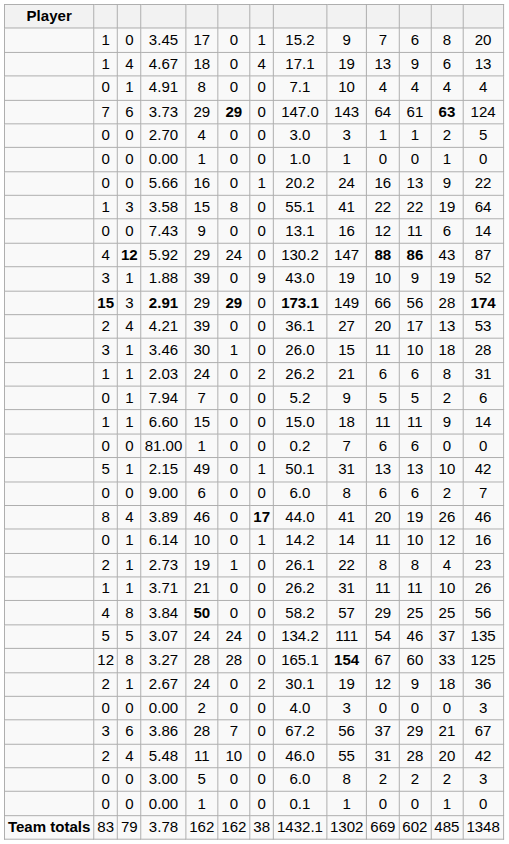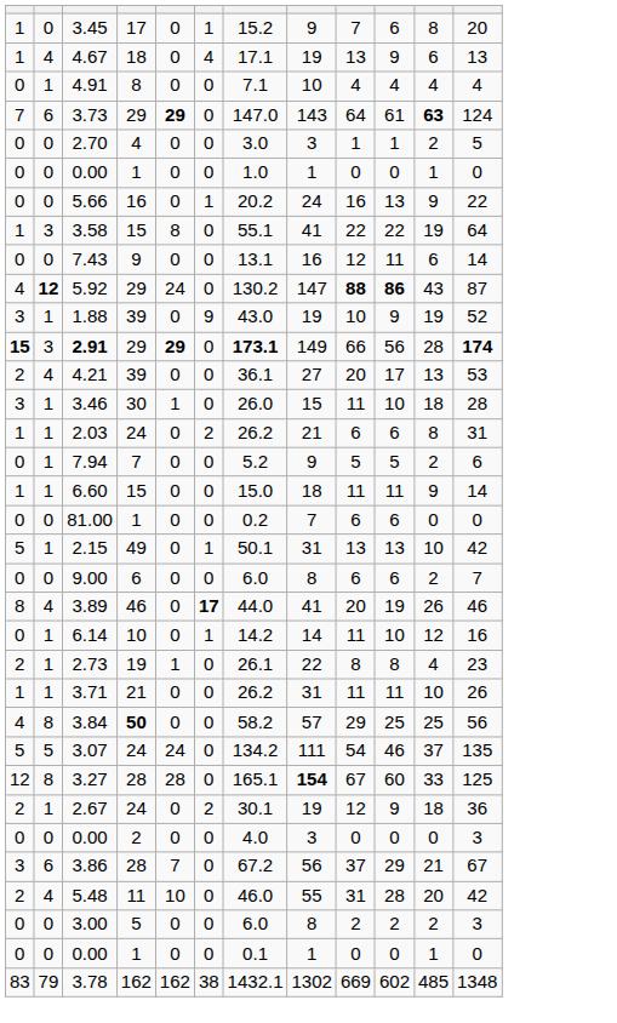 <table class="wikitable sortable" style="text-align:center;">
 <tr>
-<th>Player</th>
 <th></th>
 <th></th>
 <th></th>
 <th></th>
 <th></th>
 <th></th>
 <th></th>
 <th></th>
 <th></th>
 <th></th>
 <th></th>
 <th></th>
 </tr>
 <tr>
-<td align=left></td>
 <td>1</td>
 <td>0</td>
 <td>3.45</td>
 <td>17</td>
 <td>0</td>
 <td>1</td>
 <td>15.2</td>
 <td>9</td>
 <td>7</td>
 <td>6</td>
 <td>8</td>
 <td>20</td>
 </tr>
 <tr>
-<td align=left></td>
 <td>1</td>
 <td>4</td>
 <td>4.67</td>
 <td>18</td>
 <td>0</td>
 <td>4</td>
 <td>17.1</td>
 <td>19</td>
 <td>13</td>
 <td>9</td>
 <td>6</td>
 <td>13</td>
 </tr>
 <tr>
-<td align=left></td>
 <td>0</td>
 <td>1</td>
 <td>4.91</td>
 <td>8</td>
 <td>0</td>
 <td>0</td>
 <td>7.1</td>
 <td>10</td>
 <td>4</td>
 <td>4</td>
 <td>4</td>
 <td>4</td>
 </tr>
 <tr>
-<td align=left></td>
 <td>7</td>
 <td>6</td>
 <td>3.73</td>
 <td>29</td>
 <td><strong>29</strong></td>
 <td>0</td>
 <td>147.0</td>
 <td>143</td>
 <td>64</td>
 <td>61</td>
 <td><strong>63</strong></td>
 <td>124</td>
 </tr>
 <tr>
-<td align=left></td>
 <td>0</td>
 <td>0</td>
 <td>2.70</td>
 <td>4</td>
 <td>0</td>
 <td>0</td>
 <td>3.0</td>
 <td>3</td>
 <td>1</td>
 <td>1</td>
 <td>2</td>
 <td>5</td>
 </tr>
 <tr>
-<td align=left></td>
 <td>0</td>
 <td>0</td>
 <td>0.00</td>
 <td>1</td>
 <td>0</td>
 <td>0</td>
 <td>1.0</td>
 <td>1</td>
 <td>0</td>
 <td>0</td>
 <td>1</td>
 <td>0</td>
 </tr>
 <tr>
-<td align=left></td>
 <td>0</td>
 <td>0</td>
 <td>5.66</td>
 <td>16</td>
 <td>0</td>
 <td>1</td>
 <td>20.2</td>
 <td>24</td>
 <td>16</td>
 <td>13</td>
 <td>9</td>
 <td>22</td>
 </tr>
 <tr>
-<td align=left></td>
 <td>1</td>
 <td>3</td>
 <td>3.58</td>
 <td>15</td>
 <td>8</td>
 <td>0</td>
 <td>55.1</td>
 <td>41</td>
 <td>22</td>
 <td>22</td>
 <td>19</td>
 <td>64</td>
 </tr>
 <tr>
-<td align=left></td>
 <td>0</td>
 <td>0</td>
 <td>7.43</td>
 <td>9</td>
 <td>0</td>
 <td>0</td>
 <td>13.1</td>
 <td>16</td>
 <td>12</td>
 <td>11</td>
 <td>6</td>
 <td>14</td>
 </tr>
 <tr>
-<td align=left></td>
 <td>4</td>
 <td><strong>12</strong></td>
 <td>5.92</td>
 <td>29</td>
 <td>24</td>
 <td>0</td>
 <td>130.2</td>
 <td>147</td>
 <td><strong>88</strong></td>
 <td><strong>86</strong></td>
 <td>43</td>
 <td>87</td>
 </tr>
 <tr>
-<td align=left></td>
 <td>3</td>
 <td>1</td>
 <td>1.88</td>
 <td>39</td>
 <td>0</td>
 <td>9</td>
 <td>43.0</td>
 <td>19</td>
 <td>10</td>
 <td>9</td>
 <td>19</td>
 <td>52</td>
 </tr>
 <tr>
-<td align=left></td>
 <td><strong>15</strong></td>
 <td>3</td>
 <td><strong>2.91</strong></td>
 <td>29</td>
 <td><strong>29</strong></td>
 <td>0</td>
 <td><strong>173.1</strong></td>
 <td>149</td>
 <td>66</td>
 <td>56</td>
 <td>28</td>
 <td><strong>174</strong></td>
 </tr>
 <tr>
-<td align=left></td>
 <td>2</td>
 <td>4</td>
 <td>4.21</td>
 <td>39</td>
 <td>0</td>
 <td>0</td>
 <td>36.1</td>
 <td>27</td>
 <td>20</td>
 <td>17</td>
 <td>13</td>
 <td>53</td>
 </tr>
 <tr>
-<td align=left></td>
 <td>3</td>
 <td>1</td>
 <td>3.46</td>
 <td>30</td>
 <td>1</td>
 <td>0</td>
 <td>26.0</td>
 <td>15</td>
 <td>11</td>
 <td>10</td>
 <td>18</td>
 <td>28</td>
 </tr>
 <tr>
-<td align=left></td>
 <td>1</td>
 <td>1</td>
 <td>2.03</td>
 <td>24</td>
 <td>0</td>
 <td>2</td>
 <td>26.2</td>
 <td>21</td>
 <td>6</td>
 <td>6</td>
 <td>8</td>
 <td>31</td>
 </tr>
 <tr>
-<td align=left></td>
 <td>0</td>
 <td>1</td>
 <td>7.94</td>
 <td>7</td>
 <td>0</td>
 <td>0</td>
 <td>5.2</td>
 <td>9</td>
 <td>5</td>
 <td>5</td>
 <td>2</td>
 <td>6</td>
 </tr>
 <tr>
-<td align=left></td>
 <td>1</td>
 <td>1</td>
 <td>6.60</td>
 <td>15</td>
 <td>0</td>
 <td>0</td>
 <td>15.0</td>
 <td>18</td>
 <td>11</td>
 <td>11</td>
 <td>9</td>
 <td>14</td>
 </tr>
 <tr>
-<td align=left></td>
 <td>0</td>
 <td>0</td>
 <td>81.00</td>
 <td>1</td>
 <td>0</td>
 <td>0</td>
 <td>0.2</td>
 <td>7</td>
 <td>6</td>
 <td>6</td>
 <td>0</td>
 <td>0</td>
 </tr>
 <tr>
-<td align=left></td>
 <td>5</td>
 <td>1</td>
 <td>2.15</td>
 <td>49</td>
 <td>0</td>
 <td>1</td>
 <td>50.1</td>
 <td>31</td>
 <td>13</td>
 <td>13</td>
 <td>10</td>
 <td>42</td>
 </tr>
 <tr>
-<td align=left></td>
 <td>0</td>
 <td>0</td>
 <td>9.00</td>
 <td>6</td>
 <td>0</td>
 <td>0</td>
 <td>6.0</td>
 <td>8</td>
 <td>6</td>
 <td>6</td>
 <td>2</td>
 <td>7</td>
 </tr>
 <tr>
-<td align=left></td>
 <td>8</td>
 <td>4</td>
 <td>3.89</td>
 <td>46</td>
 <td>0</td>
 <td><strong>17</strong></td>
 <td>44.0</td>
 <td>41</td>
 <td>20</td>
 <td>19</td>
 <td>26</td>
 <td>46</td>
 </tr>
 <tr>
-<td align=left></td>
 <td>0</td>
 <td>1</td>
 <td>6.14</td>
 <td>10</td>
 <td>0</td>
 <td>1</td>
 <td>14.2</td>
 <td>14</td>
 <td>11</td>
 <td>10</td>
 <td>12</td>
 <td>16</td>
 </tr>
 <tr>
-<td align=left></td>
 <td>2</td>
 <td>1</td>
 <td>2.73</td>
 <td>19</td>
 <td>1</td>
 <td>0</td>
 <td>26.1</td>
 <td>22</td>
 <td>8</td>
 <td>8</td>
 <td>4</td>
 <td>23</td>
 </tr>
 <tr>
-<td align=left></td>
 <td>1</td>
 <td>1</td>
 <td>3.71</td>
 <td>21</td>
 <td>0</td>
 <td>0</td>
 <td>26.2</td>
 <td>31</td>
 <td>11</td>
 <td>11</td>
 <td>10</td>
 <td>26</td>
 </tr>
 <tr>
-<td align=left></td>
 <td>4</td>
 <td>8</td>
 <td>3.84</td>
 <td><strong>50</strong></td>
 <td>0</td>
 <td>0</td>
 <td>58.2</td>
 <td>57</td>
 <td>29</td>
 <td>25</td>
 <td>25</td>
 <td>56</td>
 </tr>
 <tr>
-<td align=left></td>
 <td>5</td>
 <td>5</td>
 <td>3.07</td>
 <td>24</td>
 <td>24</td>
 <td>0</td>
 <td>134.2</td>
 <td>111</td>
 <td>54</td>
 <td>46</td>
 <td>37</td>
 <td>135</td>
 </tr>
 <tr>
-<td align=left></td>
 <td>12</td>
 <td>8</td>
 <td>3.27</td>
 <td>28</td>
 <td>28</td>
 <td>0</td>
 <td>165.1</td>
 <td><strong>154</strong></td>
 <td>67</td>
 <td>60</td>
 <td>33</td>
 <td>125</td>
 </tr>
 <tr>
-<td align=left></td>
 <td>2</td>
 <td>1</td>
 <td>2.67</td>
 <td>24</td>
 <td>0</td>
 <td>2</td>
 <td>30.1</td>
 <td>19</td>
 <td>12</td>
 <td>9</td>
 <td>18</td>
 <td>36</td>
 </tr>
 <tr>
-<td align=left></td>
 <td>0</td>
 <td>0</td>
 <td>0.00</td>
 <td>2</td>
 <td>0</td>
 <td>0</td>
 <td>4.0</td>
 <td>3</td>
 <td>0</td>
 <td>0</td>
 <td>0</td>
 <td>3</td>
 </tr>
 <tr>
-<td align=left></td>
 <td>3</td>
 <td>6</td>
 <td>3.86</td>
 <td>28</td>
 <td>7</td>
 <td>0</td>
 <td>67.2</td>
 <td>56</td>
 <td>37</td>
 <td>29</td>
 <td>21</td>
 <td>67</td>
 </tr>
 <tr>
-<td align=left></td>
 <td>2</td>
 <td>4</td>
 <td>5.48</td>
 <td>11</td>
 <td>10</td>
 <td>0</td>
 <td>46.0</td>
 <td>55</td>
 <td>31</td>
 <td>28</td>
 <td>20</td>
 <td>42</td>
 </tr>
 <tr>
-<td align=left></td>
 <td>0</td>
 <td>0</td>
 <td>3.00</td>
 <td>5</td>
 <td>0</td>
 <td>0</td>
 <td>6.0</td>
 <td>8</td>
 <td>2</td>
 <td>2</td>
 <td>2</td>
 <td>3</td>
 </tr>
 <tr>
-<td align=left></td>
 <td>0</td>
 <td>0</td>
 <td>0.00</td>
 <td>1</td>
 <td>0</td>
 <td>0</td>
 <td>0.1</td>
 <td>1</td>
 <td>0</td>
 <td>0</td>
 <td>1</td>
 <td>0</td>
 </tr>
 <tr class="sortbottom">
-<td align="left"><strong>Team totals</strong></td>
 <td>83</td>
 <td>79</td>
 <td>3.78</td>
 <td>162</td>
 <td>162</td>
 <td>38</td>
 <td>1432.1</td>
 <td>1302</td>
 <td>669</td>
 <td>602</td>
 <td>485</td>
 <td>1348</td>
 </tr>
 </table>
